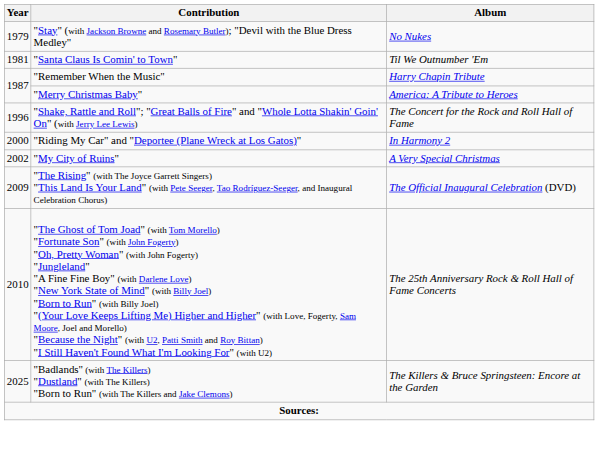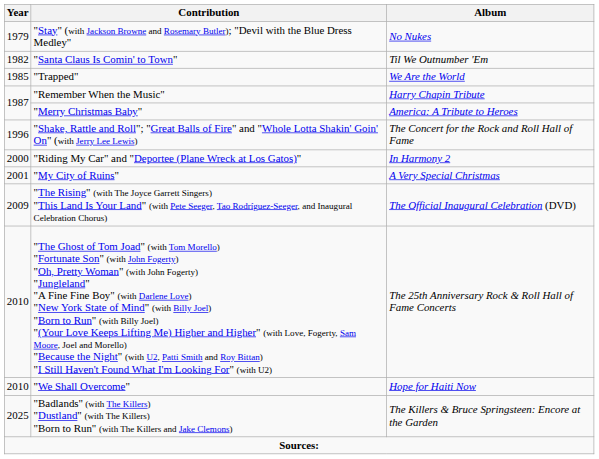 <table class="wikitable">
 <tr>
 <th>Year</th>
 <th>Contribution</th>
 <th>Album</th>
 </tr>
 <tr>
 <td>1979</td>
 <td>"<a href='#'>Stay</a>" (<small>with <a href='#'>Jackson Browne</a> and <a href='#'>Rosemary Butler</a>)</small>; "Devil with the Blue Dress Medley"</td>
 <td><em><a href='#'>No Nukes</a></em></td>
 </tr>
 <tr>
-<td>1981</td>
+<td>1982</td>
 <td>"<a href='#'>Santa Claus Is Comin' to Town</a>"</td>
 <td><em>Til We Outnumber 'Em</em></td>
+</tr>
+<tr>
+<td>1985</td>
+<td>"Trapped"</td>
+<td><em><a href='#'>We Are the World</a></em></td>
 </tr>
 <tr>
 <td rowspan="2">1987</td>
 <td>"Remember When the Music"</td>
 <td><em><a href='#'>Harry Chapin Tribute</a></em></td>
 </tr>
 <tr>
 <td>"<a href='#'>Merry Christmas Baby</a>"</td>
 <td><em><a href='#'>America: A Tribute to Heroes</a></em></td>
 </tr>
 <tr>
 <td>1996</td>
 <td>"<a href='#'>Shake, Rattle and Roll</a>"; "<a href='#'>Great Balls of Fire</a>" and "<a href='#'>Whole Lotta Shakin' Goin' On</a>" (<small>with <a href='#'>Jerry Lee Lewis</a>)</small></td>
 <td><em>The Concert for the Rock and Roll Hall of Fame</em></td>
 </tr>
 <tr>
 <td>2000</td>
 <td>"Riding My Car" and "<a href='#'>Deportee (Plane Wreck at Los Gatos)</a>"</td>
 <td><em><a href='#'>In Harmony 2</a></em></td>
 </tr>
 <tr>
-<td>2002</td>
+<td>2001</td>
 <td>"<a href='#'>My City of Ruins</a>"</td>
 <td><em><a href='#'>A Very Special Christmas</a></em></td>
 </tr>
 <tr>
 <td>2009</td>
 <td>"<a href='#'>The Rising</a>" <small>(with The Joyce Garrett Singers)</small><br>"<a href='#'>This Land Is Your Land</a>" <small>(with <a href='#'>Pete Seeger</a>, <a href='#'>Tao Rodríguez-Seeger</a>, and Inaugural Celebration Chorus)</small></td>
 <td><em><a href='#'>The Official Inaugural Celebration</a></em> (DVD)</td>
 </tr>
 <tr>
 <td>2010</td>
 <td><br>"<a href='#'>The Ghost of Tom Joad</a>" <small>(with <a href='#'>Tom Morello</a>)</small><br> "<a href='#'>Fortunate Son</a>" <small>(with <a href='#'>John Fogerty</a>)</small><br>"<a href='#'>Oh, Pretty Woman</a>" <small>(with John Fogerty)</small><br> "<a href='#'>Jungleland</a>"<br> "A Fine Fine Boy" <small>(with <a href='#'>Darlene Love</a>)</small><br> "<a href='#'>New York State of Mind</a>" <small>(with <a href='#'>Billy Joel</a>)</small><br> "<a href='#'>Born to Run</a>" <small>(with Billy Joel)</small><br> "<a href='#'>(Your Love Keeps Lifting Me) Higher and Higher</a>" <small>(with Love, Fogerty, <a href='#'>Sam Moore</a>, Joel and Morello)</small><br> "<a href='#'>Because the Night</a>" <small>(with <a href='#'>U2</a>, <a href='#'>Patti Smith</a> and <a href='#'>Roy Bittan</a>)</small><br> "<a href='#'>I Still Haven't Found What I'm Looking For</a>" <small>(with U2)</small></td>
 <td><em>The 25th Anniversary Rock & Roll Hall of Fame Concerts</em></td>
 </tr>
 <tr>
+<td>2010</td>
+<td>"<a href='#'>We Shall Overcome</a>"</td>
+<td><em><a href='#'>Hope for Haiti Now</a></em></td>
+</tr>
+<tr>
 <td>2025</td>
 <td>"Badlands"<small> (with <a href='#'>The Killers</a>)</small><br> "<a href='#'>Dustland</a>" <small>(with The Killers)</small><br> "Born to Run" <small>(with The Killers and <a href='#'>Jake Clemons</a>)</small><br></td>
 <td><em>The Killers & Bruce Springsteen: Encore at the Garden</em></td>
 </tr>
 <tr>
 <td colspan="3" style="text-align: center;"><strong>Sources:</strong></td>
 </tr>
 </table>
